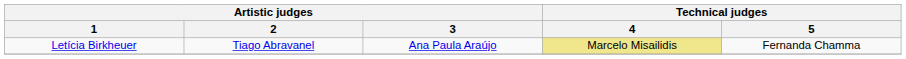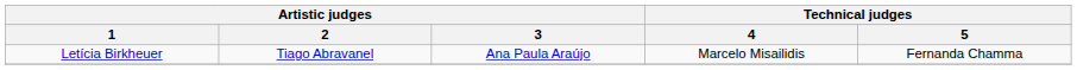 <table class="wikitable" style="font-size:100%; line-height:16px; text-align:center" width="100%">
 <tr>
 <th colspan=3>Artistic judges</th>
 <th colspan=2>Technical judges</th>
 </tr>
 <tr>
 <th style="width:20.0%;">1</th>
 <th style="width:20.0%;">2</th>
 <th style="width:20.0%;">3</th>
 <th style="width:20.0%;">4</th>
 <th style="width:20.0%;">5</th>
 </tr>
 <tr>
 <td><a href='#'>Letícia Birkheuer</a></td>
 <td><a href='#'>Tiago Abravanel</a></td>
 <td><a href='#'>Ana Paula Araújo</a></td>
-<td style="background: khaki;">Marcelo Misailidis</td>
+<td>Marcelo Misailidis</td>
 <td>Fernanda Chamma</td>
 </tr>
 <tr>
 </tr>
 </table>
